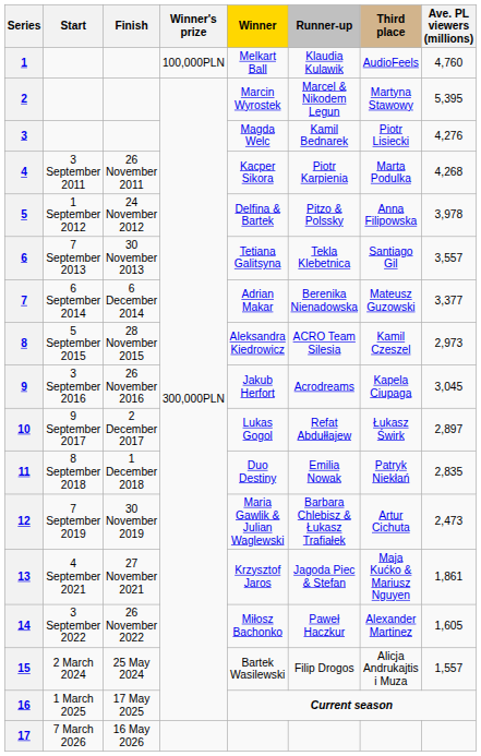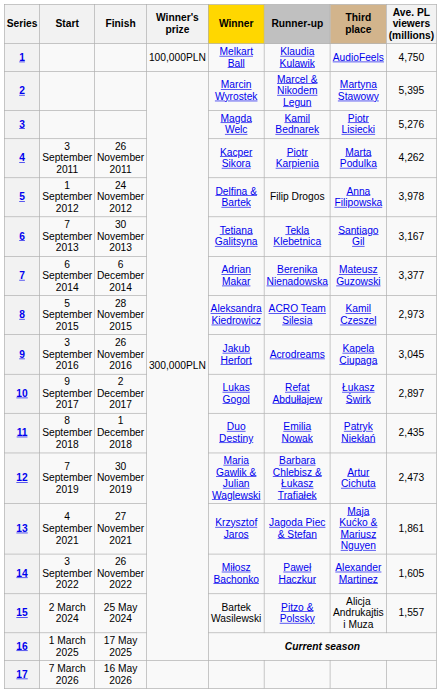 <table class="wikitable" style="margin-left: auto; margin-right: auto; border: none; text-align:center; font-size:100%; width: 90%;">
 <tr>
 <th style="width:4%;">Series</th>
 <th style="width:8%;">Start</th>
 <th style="width:8%;">Finish</th>
 <th style="width:4%;">Winner's prize</th>
 <th style="width:13%; background:gold;" align="center">Winner</th>
 <th style="width:13%; background:silver;" align="center">Runner-up</th>
 <th style="width:13%; background:tan;" align="center">Third place</th>
 <th style="width:10%;">Ave. PL viewers<br>(millions)</th>
 </tr>
 <tr>
 <th scope="row"><a href='#'>1</a></th>
 <td></td>
 <td></td>
 <td rowspan="1">100,000PLN</td>
 <td><a href='#'>Melkart Ball</a></td>
 <td><a href='#'>Klaudia Kulawik</a></td>
 <td><a href='#'>AudioFeels</a></td>
-<td>4,760</td>
+<td>4,750</td>
 </tr>
 <tr>
 <th scope="row"><a href='#'>2</a></th>
 <td></td>
 <td></td>
 <td rowspan="15">300,000PLN</td>
 <td><a href='#'>Marcin Wyrostek</a></td>
 <td><a href='#'>Marcel & Nikodem Legun</a></td>
 <td><a href='#'>Martyna Stawowy</a></td>
 <td>5,395</td>
 </tr>
 <tr>
 <th scope="row"><a href='#'>3</a></th>
 <td></td>
 <td></td>
 <td><a href='#'>Magda Welc</a></td>
 <td><a href='#'>Kamil Bednarek</a></td>
 <td><a href='#'>Piotr Lisiecki</a></td>
-<td>4,276</td>
+<td>5,276</td>
 </tr>
 <tr>
 <th scope="row"><a href='#'>4</a></th>
 <td>3 September 2011</td>
 <td>26 November 2011</td>
 <td><a href='#'>Kacper Sikora</a></td>
 <td><a href='#'>Piotr Karpienia</a></td>
 <td><a href='#'>Marta Podulka</a></td>
-<td>4,268</td>
+<td>4,262</td>
 </tr>
 <tr>
 <th scope="row"><a href='#'>5</a></th>
 <td>1 September 2012</td>
 <td>24 November 2012</td>
 <td><a href='#'>Delfina & Bartek</a></td>
-<td><a href='#'>Pitzo & Polssky</a></td>
+<td>Filip Drogos</td>
 <td><a href='#'>Anna Filipowska</a></td>
 <td>3,978</td>
 </tr>
 <tr>
 <th scope="row"><a href='#'>6</a></th>
 <td>7 September 2013</td>
 <td>30 November 2013</td>
 <td><a href='#'>Tetiana Galitsyna</a></td>
 <td><a href='#'>Tekla Klebetnica</a></td>
 <td><a href='#'>Santiago Gil</a></td>
-<td>3,557</td>
+<td>3,167</td>
 </tr>
 <tr>
 <th scope="row"><a href='#'>7</a></th>
 <td>6 September 2014</td>
 <td>6 December 2014</td>
 <td><a href='#'>Adrian Makar</a></td>
 <td><a href='#'>Berenika Nienadowska</a></td>
 <td><a href='#'>Mateusz Guzowski</a></td>
 <td>3,377</td>
 </tr>
 <tr>
 <th scope="row"><a href='#'>8</a></th>
 <td>5 September 2015</td>
 <td>28 November 2015</td>
 <td><a href='#'>Aleksandra Kiedrowicz</a></td>
 <td><a href='#'>ACRO Team Silesia</a></td>
 <td><a href='#'>Kamil Czeszel</a></td>
 <td>2,973</td>
 </tr>
 <tr>
 <th scope="row"><a href='#'>9</a></th>
 <td>3 September 2016</td>
 <td>26 November 2016</td>
 <td><a href='#'>Jakub Herfort</a></td>
 <td><a href='#'>Acrodreams</a></td>
 <td><a href='#'>Kapela Ciupaga</a></td>
 <td>3,045</td>
 </tr>
 <tr>
 <th scope="row"><a href='#'>10</a></th>
 <td>9 September 2017</td>
 <td>2 December 2017</td>
 <td><a href='#'>Lukas Gogol</a></td>
 <td><a href='#'>Refat Abdułłajew</a></td>
 <td><a href='#'>Łukasz Świrk</a></td>
 <td>2,897</td>
 </tr>
 <tr>
 <th scope="row"><a href='#'>11</a></th>
 <td>8 September 2018</td>
 <td>1 December 2018</td>
 <td><a href='#'>Duo Destiny</a></td>
 <td><a href='#'>Emilia Nowak</a></td>
 <td><a href='#'>Patryk Niekłań</a></td>
-<td>2,835</td>
+<td>2,435</td>
 </tr>
 <tr>
 <th !scope="row"><a href='#'>12</a></th>
 <td>7 September 2019</td>
 <td>30 November 2019</td>
 <td><a href='#'>Maria Gawlik & Julian Waglewski</a></td>
 <td><a href='#'>Barbara Chlebisz & Łukasz Trafiałek</a></td>
 <td><a href='#'>Artur Cichuta</a></td>
 <td>2,473</td>
 </tr>
 <tr>
 <th !scope="row"><a href='#'>13</a></th>
 <td>4 September 2021</td>
 <td>27 November 2021</td>
 <td><a href='#'>Krzysztof Jaros</a></td>
 <td><a href='#'>Jagoda Piec & Stefan</a></td>
 <td><a href='#'>Maja Kućko & Mariusz Nguyen</a></td>
 <td>1,861</td>
 </tr>
 <tr>
 <th !scope="row"><a href='#'>14</a></th>
 <td>3 September 2022</td>
 <td>26 November 2022</td>
 <td><a href='#'>Miłosz Bachonko</a></td>
 <td><a href='#'>Paweł Haczkur</a></td>
 <td><a href='#'>Alexander Martinez</a></td>
 <td>1,605</td>
 </tr>
 <tr>
 <th !scope="row"><a href='#'>15</a></th>
 <td>2 March 2024</td>
 <td>25 May 2024</td>
 <td>Bartek Wasilewski</td>
-<td>Filip Drogos</td>
+<td><a href='#'>Pitzo & Polssky</a></td>
 <td>Alicja Andrukajtis i Muza</td>
 <td>1,557</td>
 </tr>
 <tr>
 <th><a href='#'>16</a></th>
 <td>1 March 2025</td>
 <td>17 May 2025</td>
 <td colspan="4"><strong><em>Current season</em></strong></td>
 </tr>
 <tr>
 <th><a href='#'>17</a></th>
 <td>7 March 2026</td>
 <td>16 May 2026</td>
 <td></td>
 <td></td>
 <td></td>
 <td></td>
 <td></td>
 </tr>
 </table>
